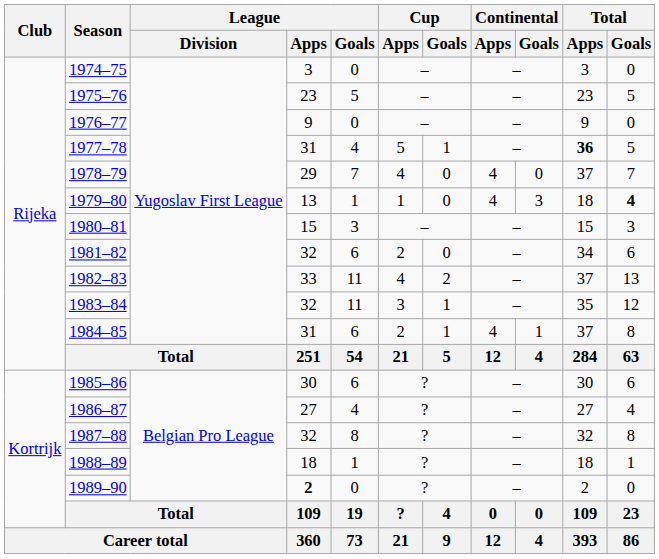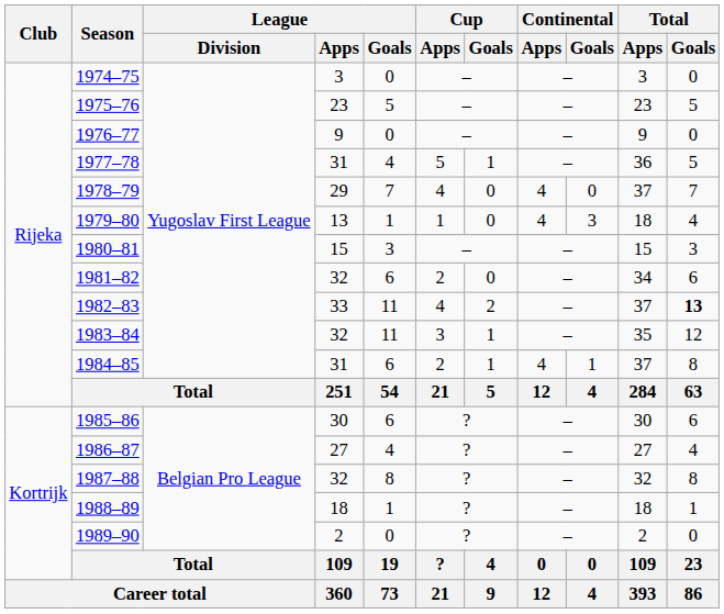 <table class="wikitable" style="text-align:center">
 <tr>
 <th rowspan="2">Club</th>
 <th rowspan="2">Season</th>
 <th colspan="3">League</th>
 <th colspan="2">Cup</th>
 <th colspan="2">Continental</th>
 <th colspan="2">Total</th>
 </tr>
 <tr>
 <th>Division</th>
 <th>Apps</th>
 <th>Goals</th>
 <th>Apps</th>
 <th>Goals</th>
 <th>Apps</th>
 <th>Goals</th>
 <th>Apps</th>
 <th>Goals</th>
 </tr>
 <tr>
 <td rowspan="12"><a href='#'>Rijeka</a></td>
 <td><a href='#'>1974–75</a></td>
 <td rowspan="11"><a href='#'>Yugoslav First League</a></td>
 <td>3</td>
 <td>0</td>
 <td colspan="2">–</td>
 <td colspan="2">–</td>
 <td>3</td>
 <td>0</td>
 </tr>
 <tr>
 <td><a href='#'>1975–76</a></td>
 <td>23</td>
 <td>5</td>
 <td colspan="2">–</td>
 <td colspan="2">–</td>
 <td>23</td>
 <td>5</td>
 </tr>
 <tr>
 <td><a href='#'>1976–77</a></td>
 <td>9</td>
 <td>0</td>
 <td colspan="2">–</td>
 <td colspan="2">–</td>
 <td>9</td>
 <td>0</td>
 </tr>
 <tr>
 <td><a href='#'>1977–78</a></td>
 <td>31</td>
 <td>4</td>
 <td>5</td>
 <td>1</td>
 <td colspan="2">–</td>
-<td><strong>36</strong></td>
+<td>36</td>
 <td>5</td>
 </tr>
 <tr>
 <td><a href='#'>1978–79</a></td>
 <td>29</td>
 <td>7</td>
 <td>4</td>
 <td>0</td>
 <td>4</td>
 <td>0</td>
 <td>37</td>
 <td>7</td>
 </tr>
 <tr>
 <td><a href='#'>1979–80</a></td>
 <td>13</td>
 <td>1</td>
 <td>1</td>
 <td>0</td>
 <td>4</td>
 <td>3</td>
 <td>18</td>
-<td><strong>4</strong></td>
+<td>4</td>
 </tr>
 <tr>
 <td><a href='#'>1980–81</a></td>
 <td>15</td>
 <td>3</td>
 <td colspan="2">–</td>
 <td colspan="2">–</td>
 <td>15</td>
 <td>3</td>
 </tr>
 <tr>
 <td><a href='#'>1981–82</a></td>
 <td>32</td>
 <td>6</td>
 <td>2</td>
 <td>0</td>
 <td colspan="2">–</td>
 <td>34</td>
 <td>6</td>
 </tr>
 <tr>
 <td><a href='#'>1982–83</a></td>
 <td>33</td>
 <td>11</td>
 <td>4</td>
 <td>2</td>
 <td colspan="2">–</td>
 <td>37</td>
-<td>13</td>
+<td><strong>13</strong></td>
 </tr>
 <tr>
 <td><a href='#'>1983–84</a></td>
 <td>32</td>
 <td>11</td>
 <td>3</td>
 <td>1</td>
 <td colspan="2">–</td>
 <td>35</td>
 <td>12</td>
 </tr>
 <tr>
 <td><a href='#'>1984–85</a></td>
 <td>31</td>
 <td>6</td>
 <td>2</td>
 <td>1</td>
 <td>4</td>
 <td>1</td>
 <td>37</td>
 <td>8</td>
 </tr>
 <tr>
 <th colspan="2">Total</th>
 <th>251</th>
 <th>54</th>
 <th>21</th>
 <th>5</th>
 <th>12</th>
 <th>4</th>
 <th>284</th>
 <th>63</th>
 </tr>
 <tr>
 <td rowspan="6"><a href='#'>Kortrijk</a></td>
 <td><a href='#'>1985–86</a></td>
 <td rowspan="5"><a href='#'>Belgian Pro League</a></td>
 <td>30</td>
 <td>6</td>
 <td colspan="2">?</td>
 <td colspan="2">–</td>
 <td>30</td>
 <td>6</td>
 </tr>
 <tr>
 <td><a href='#'>1986–87</a></td>
 <td>27</td>
 <td>4</td>
 <td colspan="2">?</td>
 <td colspan="2">–</td>
 <td>27</td>
 <td>4</td>
 </tr>
 <tr>
 <td><a href='#'>1987–88</a></td>
 <td>32</td>
 <td>8</td>
 <td colspan="2">?</td>
 <td colspan="2">–</td>
 <td>32</td>
 <td>8</td>
 </tr>
 <tr>
 <td><a href='#'>1988–89</a></td>
 <td>18</td>
 <td>1</td>
 <td colspan="2">?</td>
 <td colspan="2">–</td>
 <td>18</td>
 <td>1</td>
 </tr>
 <tr>
 <td><a href='#'>1989–90</a></td>
-<td><strong>2</strong></td>
+<td>2</td>
 <td>0</td>
 <td colspan="2">?</td>
 <td colspan="2">–</td>
 <td>2</td>
 <td>0</td>
 </tr>
 <tr>
 <th colspan="2">Total</th>
 <th>109</th>
 <th>19</th>
 <th>?</th>
 <th>4</th>
 <th>0</th>
 <th>0</th>
 <th>109</th>
 <th>23</th>
 </tr>
 <tr>
 <th colspan="3">Career total</th>
 <th>360</th>
 <th>73</th>
 <th>21</th>
 <th>9</th>
 <th>12</th>
 <th>4</th>
 <th>393</th>
 <th>86</th>
 </tr>
 </table>
